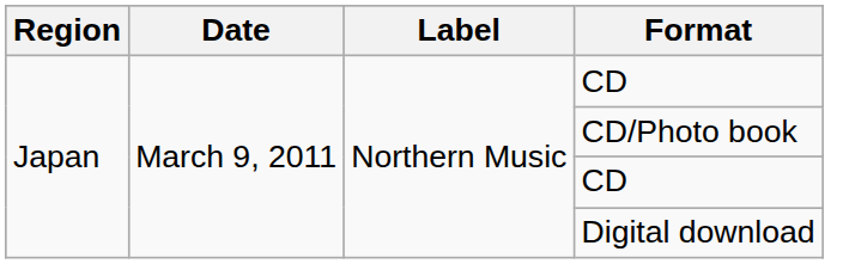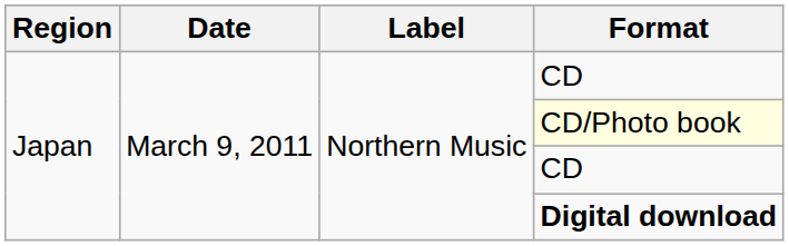 <table class="wikitable">
 <tr>
 <th>Region</th>
 <th>Date</th>
 <th>Label</th>
 <th>Format</th>
 </tr>
 <tr>
 <td rowspan="4">Japan</td>
 <td rowspan="4">March 9, 2011</td>
 <td rowspan="4">Northern Music</td>
 <td>CD </td>
 </tr>
 <tr>
-<td>CD/Photo book </td>
+<td style="background: lightyellow;">CD/Photo book </td>
 </tr>
 <tr>
 <td>CD </td>
 </tr>
 <tr>
-<td>Digital download</td>
+<td><strong>Digital download</strong></td>
 </tr>
 </table>
